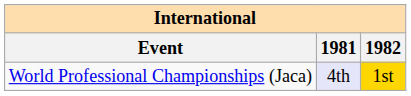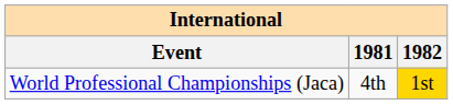 <table class="wikitable" style="text-align:center">
 <tr>
 <th style="background-color: #ffdead; " colspan=3 align=center>International</th>
 </tr>
 <tr>
 <th>Event</th>
 <th>1981</th>
 <th>1982</th>
 </tr>
 <tr>
 <td align=left><a href='#'>World Professional Championships</a> (Jaca)</td>
-<td style="background: lavender;">4th</td>
+<td>4th</td>
 <td bgcolor=gold>1st</td>
 </tr>
 </table>
